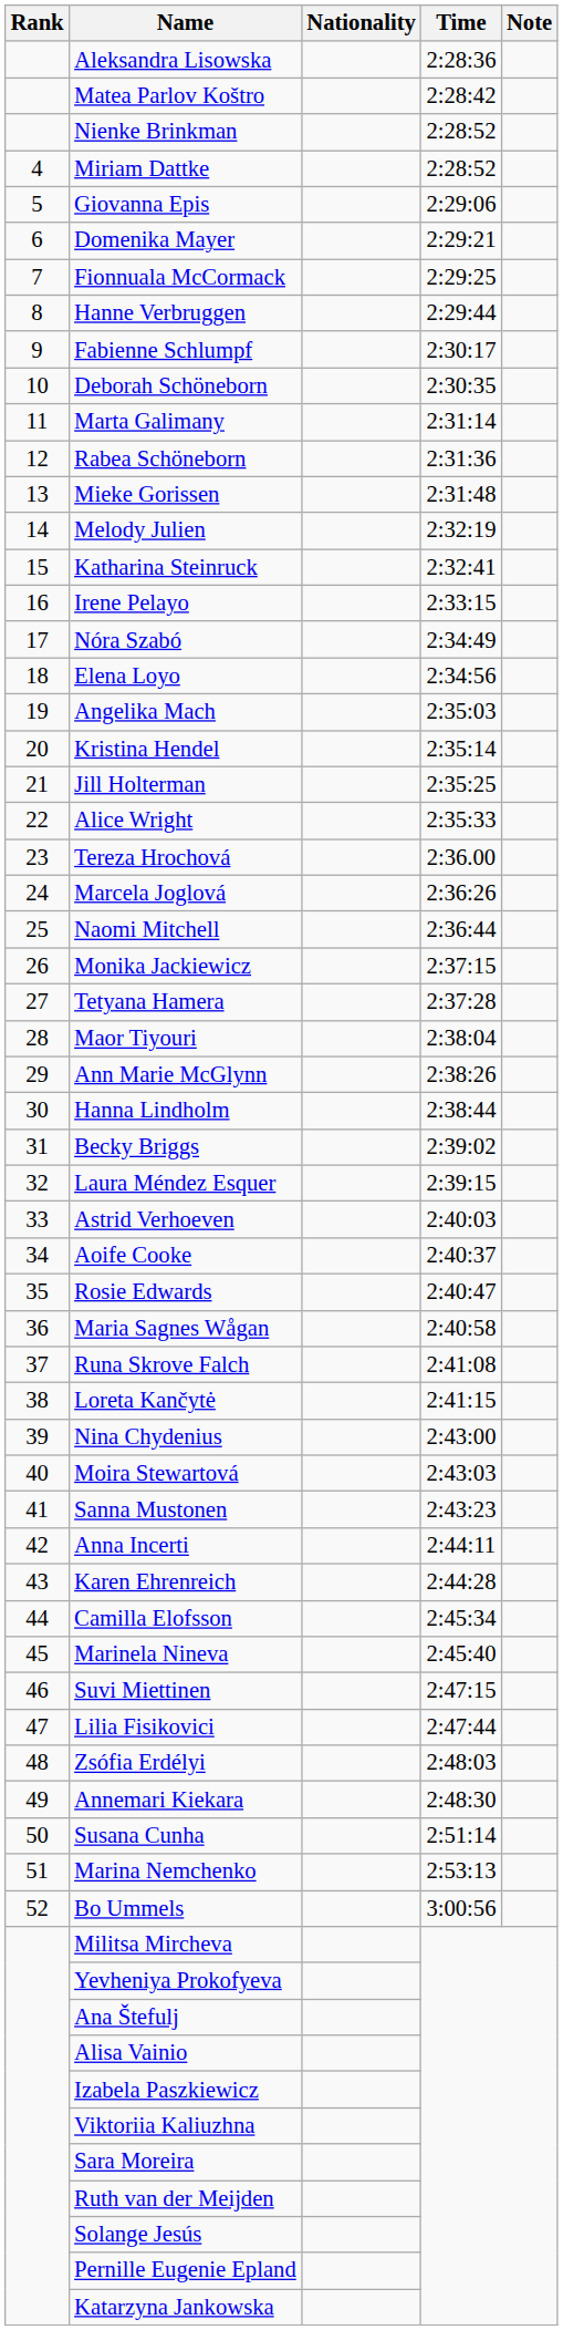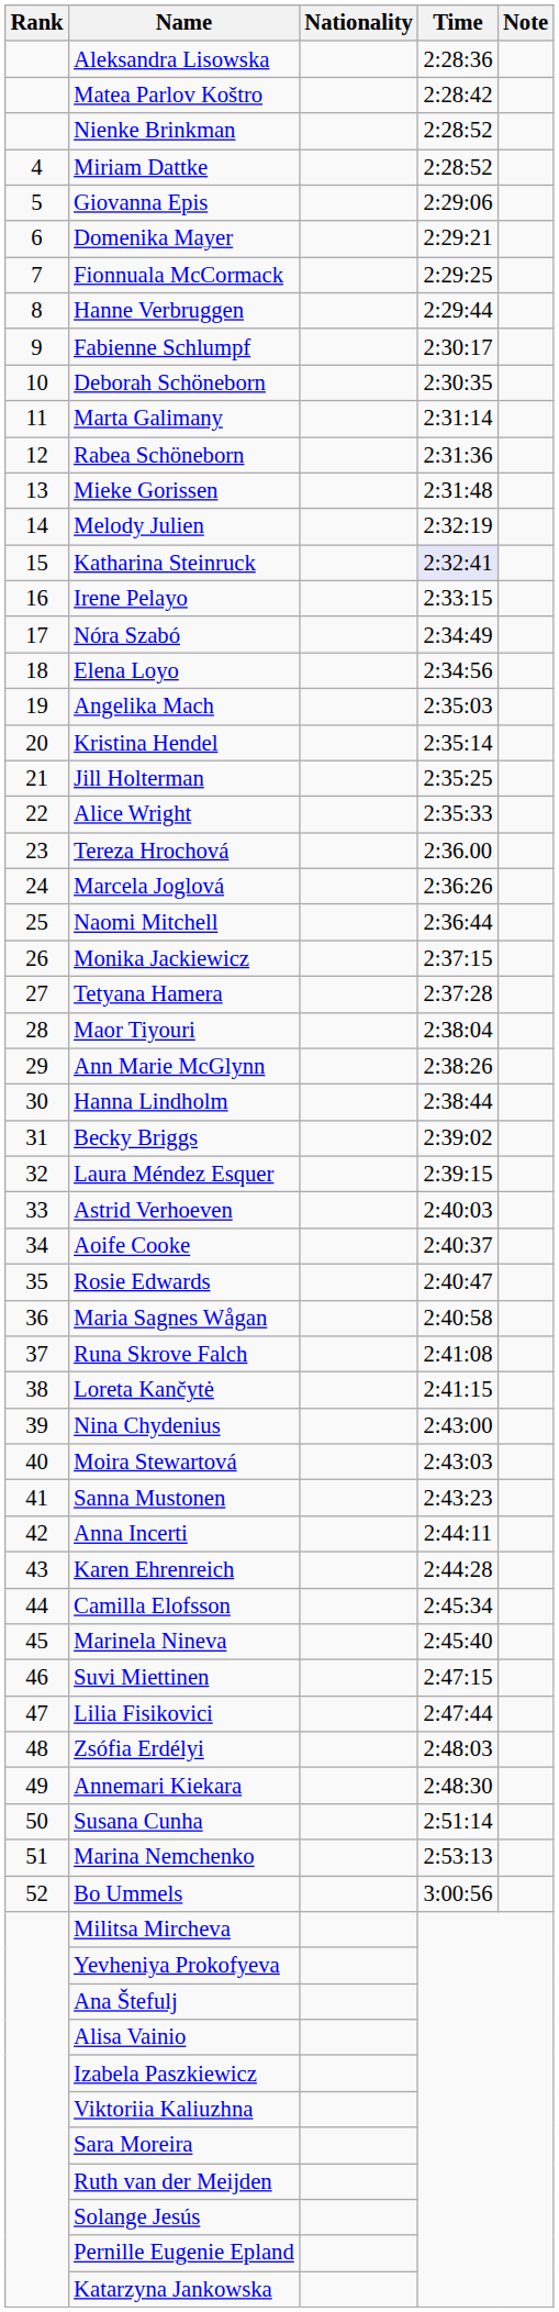 <table class="wikitable sortable"  style="text-align:center">
 <tr>
 <th>Rank</th>
 <th>Name</th>
 <th>Nationality</th>
 <th>Time</th>
 <th>Note</th>
 </tr>
 <tr>
 <td></td>
 <td align=left><a href='#'>Aleksandra Lisowska</a></td>
 <td align=left></td>
 <td>2:28:36</td>
 <td></td>
 </tr>
 <tr>
 <td></td>
 <td align=left><a href='#'>Matea Parlov Koštro</a></td>
 <td align=left></td>
 <td>2:28:42</td>
 <td></td>
 </tr>
 <tr>
 <td></td>
 <td align=left><a href='#'>Nienke Brinkman</a></td>
 <td align=left></td>
 <td>2:28:52</td>
 <td></td>
 </tr>
 <tr>
 <td>4</td>
 <td align=left><a href='#'>Miriam Dattke</a></td>
 <td align=left></td>
 <td>2:28:52</td>
 <td></td>
 </tr>
 <tr>
 <td>5</td>
 <td align=left><a href='#'>Giovanna Epis</a></td>
 <td align=left></td>
 <td>2:29:06</td>
 <td></td>
 </tr>
 <tr>
 <td>6</td>
 <td align=left><a href='#'>Domenika Mayer</a></td>
 <td align=left></td>
 <td>2:29:21</td>
 <td></td>
 </tr>
 <tr>
 <td>7</td>
 <td align=left><a href='#'>Fionnuala McCormack</a></td>
 <td align=left></td>
 <td>2:29:25</td>
 <td></td>
 </tr>
 <tr>
 <td>8</td>
 <td align=left><a href='#'>Hanne Verbruggen</a></td>
 <td align=left></td>
 <td>2:29:44</td>
 <td></td>
 </tr>
 <tr>
 <td>9</td>
 <td align=left><a href='#'>Fabienne Schlumpf</a></td>
 <td align=left></td>
 <td>2:30:17</td>
 <td></td>
 </tr>
 <tr>
 <td>10</td>
 <td align=left><a href='#'>Deborah Schöneborn</a></td>
 <td align=left></td>
 <td>2:30:35</td>
 <td></td>
 </tr>
 <tr>
 <td>11</td>
 <td align=left><a href='#'>Marta Galimany</a></td>
 <td align=left></td>
 <td>2:31:14</td>
 <td></td>
 </tr>
 <tr>
 <td>12</td>
 <td align=left><a href='#'>Rabea Schöneborn</a></td>
 <td align=left></td>
 <td>2:31:36</td>
 <td></td>
 </tr>
 <tr>
 <td>13</td>
 <td align=left><a href='#'>Mieke Gorissen</a></td>
 <td align=left></td>
 <td>2:31:48</td>
 <td></td>
 </tr>
 <tr>
 <td>14</td>
 <td align=left><a href='#'>Melody Julien</a></td>
 <td align=left></td>
 <td>2:32:19</td>
 <td></td>
 </tr>
 <tr>
 <td>15</td>
 <td align=left><a href='#'>Katharina Steinruck</a></td>
 <td align=left></td>
-<td>2:32:41</td>
+<td style="background: lavender;">2:32:41</td>
 <td></td>
 </tr>
 <tr>
 <td>16</td>
 <td align=left><a href='#'>Irene Pelayo</a></td>
 <td align=left></td>
 <td>2:33:15</td>
 <td></td>
 </tr>
 <tr>
 <td>17</td>
 <td align=left><a href='#'>Nóra Szabó</a></td>
 <td align=left></td>
 <td>2:34:49</td>
 <td></td>
 </tr>
 <tr>
 <td>18</td>
 <td align=left><a href='#'>Elena Loyo</a></td>
 <td align=left></td>
 <td>2:34:56</td>
 <td></td>
 </tr>
 <tr>
 <td>19</td>
 <td align=left><a href='#'>Angelika Mach</a></td>
 <td align=left></td>
 <td>2:35:03</td>
 <td></td>
 </tr>
 <tr>
 <td>20</td>
 <td align=left><a href='#'>Kristina Hendel</a></td>
 <td align=left></td>
 <td>2:35:14</td>
 <td></td>
 </tr>
 <tr>
 <td>21</td>
 <td align=left><a href='#'>Jill Holterman</a></td>
 <td align=left></td>
 <td>2:35:25</td>
 <td></td>
 </tr>
 <tr>
 <td>22</td>
 <td align=left><a href='#'>Alice Wright</a></td>
 <td align=left></td>
 <td>2:35:33</td>
 <td></td>
 </tr>
 <tr>
 <td>23</td>
 <td align=left><a href='#'>Tereza Hrochová</a></td>
 <td align=left></td>
 <td>2:36.00</td>
 <td></td>
 </tr>
 <tr>
 <td>24</td>
 <td align=left><a href='#'>Marcela Joglová</a></td>
 <td align=left></td>
 <td>2:36:26</td>
 <td></td>
 </tr>
 <tr>
 <td>25</td>
 <td align=left><a href='#'>Naomi Mitchell</a></td>
 <td align=left></td>
 <td>2:36:44</td>
 <td></td>
 </tr>
 <tr>
 <td>26</td>
 <td align=left><a href='#'>Monika Jackiewicz</a></td>
 <td align=left></td>
 <td>2:37:15</td>
 <td></td>
 </tr>
 <tr>
 <td>27</td>
 <td align=left><a href='#'>Tetyana Hamera</a></td>
 <td align=left></td>
 <td>2:37:28</td>
 <td></td>
 </tr>
 <tr>
 <td>28</td>
 <td align=left><a href='#'>Maor Tiyouri</a></td>
 <td align=left></td>
 <td>2:38:04</td>
 <td></td>
 </tr>
 <tr>
 <td>29</td>
 <td align=left><a href='#'>Ann Marie McGlynn</a></td>
 <td align=left></td>
 <td>2:38:26</td>
 <td></td>
 </tr>
 <tr>
 <td>30</td>
 <td align=left><a href='#'>Hanna Lindholm</a></td>
 <td align=left></td>
 <td>2:38:44</td>
 <td></td>
 </tr>
 <tr>
 <td>31</td>
 <td align=left><a href='#'>Becky Briggs</a></td>
 <td align=left></td>
 <td>2:39:02</td>
 <td></td>
 </tr>
 <tr>
 <td>32</td>
 <td align=left><a href='#'>Laura Méndez Esquer</a></td>
 <td align=left></td>
 <td>2:39:15</td>
 <td></td>
 </tr>
 <tr>
 <td>33</td>
 <td align=left><a href='#'>Astrid Verhoeven</a></td>
 <td align=left></td>
 <td>2:40:03</td>
 <td></td>
 </tr>
 <tr>
 <td>34</td>
 <td align=left><a href='#'>Aoife Cooke</a></td>
 <td align=left></td>
 <td>2:40:37</td>
 <td></td>
 </tr>
 <tr>
 <td>35</td>
 <td align=left><a href='#'>Rosie Edwards</a></td>
 <td align=left></td>
 <td>2:40:47</td>
 <td></td>
 </tr>
 <tr>
 <td>36</td>
 <td align=left><a href='#'>Maria Sagnes Wågan</a></td>
 <td align=left></td>
 <td>2:40:58</td>
 <td></td>
 </tr>
 <tr>
 <td>37</td>
 <td align=left><a href='#'>Runa Skrove Falch</a></td>
 <td align=left></td>
 <td>2:41:08</td>
 <td></td>
 </tr>
 <tr>
 <td>38</td>
 <td align=left><a href='#'>Loreta Kančytė</a></td>
 <td align=left></td>
 <td>2:41:15</td>
 <td></td>
 </tr>
 <tr>
 <td>39</td>
 <td align=left><a href='#'>Nina Chydenius</a></td>
 <td align=left></td>
 <td>2:43:00</td>
 <td></td>
 </tr>
 <tr>
 <td>40</td>
 <td align=left><a href='#'>Moira Stewartová</a></td>
 <td align=left></td>
 <td>2:43:03</td>
 <td></td>
 </tr>
 <tr>
 <td>41</td>
 <td align=left><a href='#'>Sanna Mustonen</a></td>
 <td align=left></td>
 <td>2:43:23</td>
 <td></td>
 </tr>
 <tr>
 <td>42</td>
 <td align=left><a href='#'>Anna Incerti</a></td>
 <td align=left></td>
 <td>2:44:11</td>
 <td></td>
 </tr>
 <tr>
 <td>43</td>
 <td align=left><a href='#'>Karen Ehrenreich</a></td>
 <td align=left></td>
 <td>2:44:28</td>
 <td></td>
 </tr>
 <tr>
 <td>44</td>
 <td align=left><a href='#'>Camilla Elofsson</a></td>
 <td align=left></td>
 <td>2:45:34</td>
 <td></td>
 </tr>
 <tr>
 <td>45</td>
 <td align=left><a href='#'>Marinela Nineva</a></td>
 <td align=left></td>
 <td>2:45:40</td>
 <td></td>
 </tr>
 <tr>
 <td>46</td>
 <td align=left><a href='#'>Suvi Miettinen</a></td>
 <td align=left></td>
 <td>2:47:15</td>
 <td></td>
 </tr>
 <tr>
 <td>47</td>
 <td align=left><a href='#'>Lilia Fisikovici</a></td>
 <td align=left></td>
 <td>2:47:44</td>
 <td></td>
 </tr>
 <tr>
 <td>48</td>
 <td align=left><a href='#'>Zsófia Erdélyi</a></td>
 <td align=left></td>
 <td>2:48:03</td>
 <td></td>
 </tr>
 <tr>
 <td>49</td>
 <td align=left><a href='#'>Annemari Kiekara</a></td>
 <td align=left></td>
 <td>2:48:30</td>
 <td></td>
 </tr>
 <tr>
 <td>50</td>
 <td align=left><a href='#'>Susana Cunha</a></td>
 <td align=left></td>
 <td>2:51:14</td>
 <td></td>
 </tr>
 <tr>
 <td>51</td>
 <td align=left><a href='#'>Marina Nemchenko</a></td>
 <td align=left></td>
 <td>2:53:13</td>
 <td></td>
 </tr>
 <tr>
 <td>52</td>
 <td align=left><a href='#'>Bo Ummels</a></td>
 <td align=left></td>
 <td>3:00:56</td>
 <td></td>
 </tr>
 <tr>
 <td rowspan=11></td>
 <td align=left><a href='#'>Militsa Mircheva</a></td>
 <td align=left></td>
 <td colspan=2 rowspan=11></td>
 </tr>
 <tr>
 <td align=left><a href='#'>Yevheniya Prokofyeva</a></td>
 <td align=left></td>
 </tr>
 <tr>
 <td align=left><a href='#'>Ana Štefulj</a></td>
 <td align=left></td>
 </tr>
 <tr>
 <td align=left><a href='#'>Alisa Vainio</a></td>
 <td align=left></td>
 </tr>
 <tr>
 <td align=left><a href='#'>Izabela Paszkiewicz</a></td>
 <td align=left></td>
 </tr>
 <tr>
 <td align=left><a href='#'>Viktoriia Kaliuzhna</a></td>
 <td align=left></td>
 </tr>
 <tr>
 <td align=left><a href='#'>Sara Moreira</a></td>
 <td align=left></td>
 </tr>
 <tr>
 <td align=left><a href='#'>Ruth van der Meijden</a></td>
 <td align=left></td>
 </tr>
 <tr>
 <td align=left><a href='#'>Solange Jesús</a></td>
 <td align=left></td>
 </tr>
 <tr>
 <td align=left><a href='#'>Pernille Eugenie Epland</a></td>
 <td align=left></td>
 </tr>
 <tr>
 <td align=left><a href='#'>Katarzyna Jankowska</a></td>
 <td align=left></td>
 </tr>
 </table>
